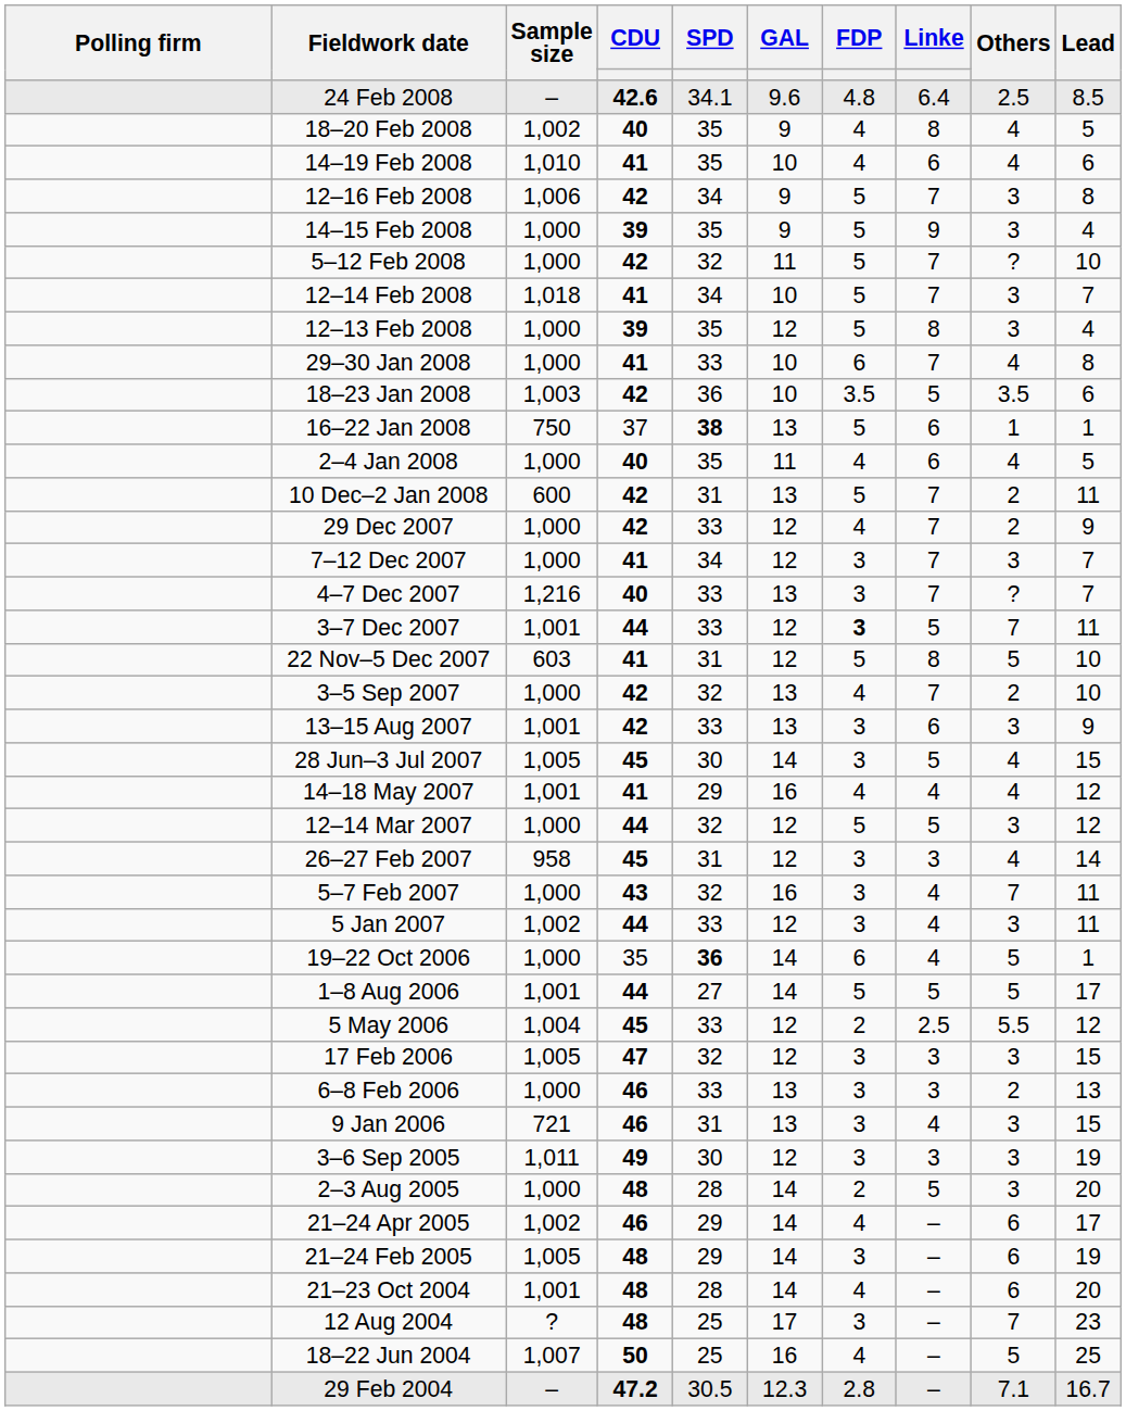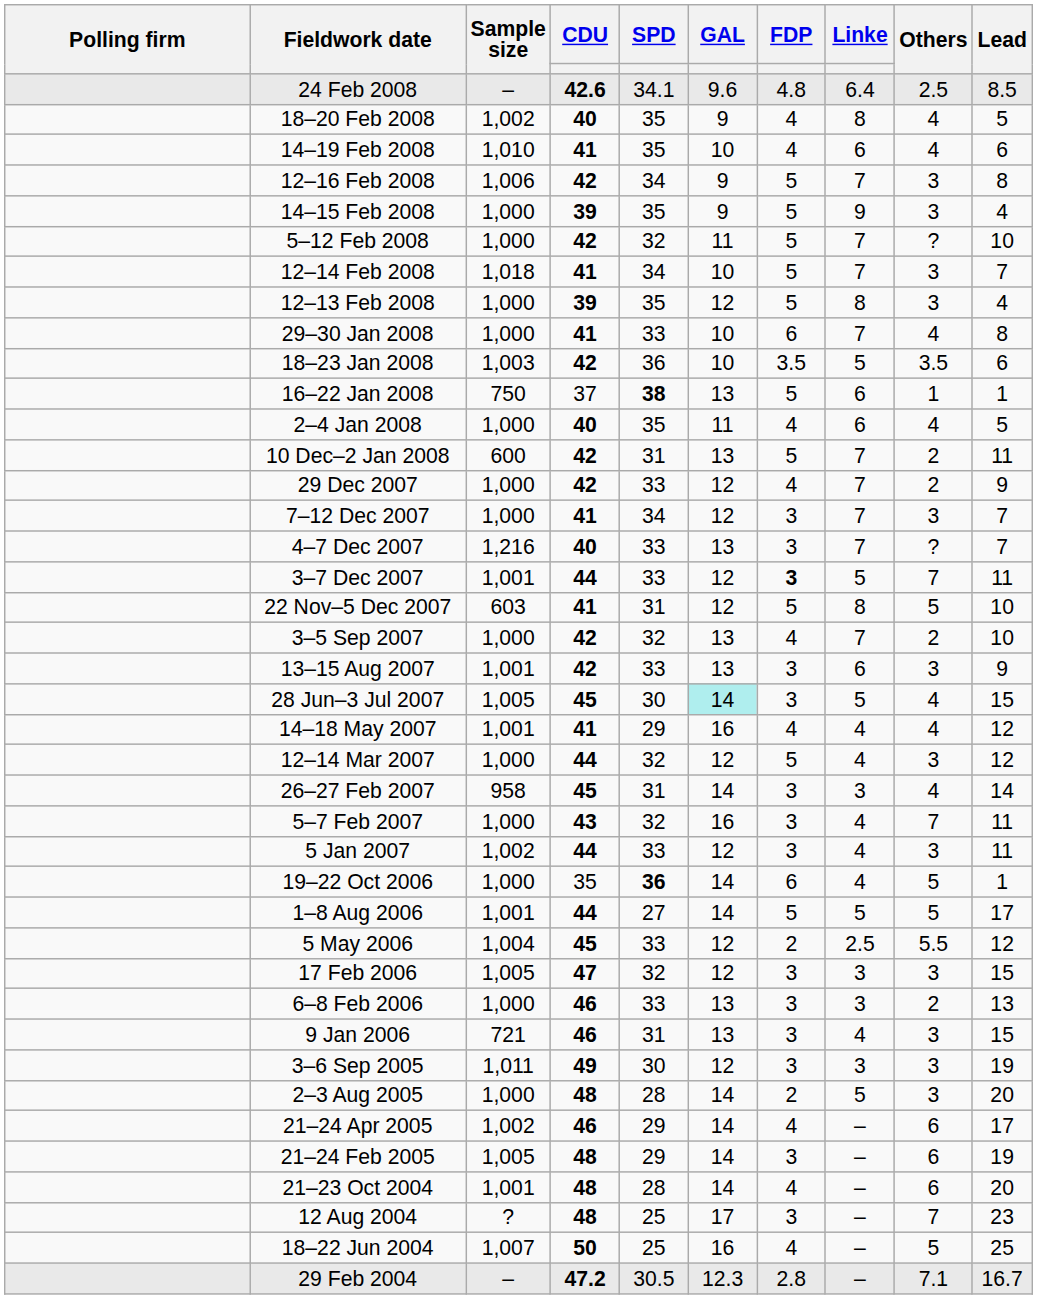 <table class="wikitable sortable" style="text-align:center;font-size:90%;line-height:14px;">
 <tr style="height:40px;">
 <th style="width:160px;" rowspan="2">Polling firm</th>
 <th style="width:140px;" rowspan="2">Fieldwork date</th>
 <th style="width:35px;" rowspan="2">Sample<br>size</th>
 <th class="unsortable" style="width:40px;"><a href='#'>CDU</a></th>
 <th class="unsortable" style="width:40px;"><a href='#'>SPD</a></th>
 <th class="unsortable" style="width:40px;"><a href='#'>GAL</a></th>
 <th class="unsortable" style="width:40px;"><a href='#'>FDP</a></th>
 <th class="unsortable" style="width:40px;"><a href='#'>Linke</a></th>
 <th class="unsortable" style="width:40px;" rowspan="2">Others</th>
 <th style="width:30px;" rowspan="2">Lead</th>
 </tr>
 <tr>
 <th style="background:"></th>
 <th style="background:"></th>
 <th style="background:"></th>
 <th style="background:"></th>
 <th style="background:"></th>
 </tr>
 <tr style="background:#E9E9E9;">
 <td></td>
 <td data-sort-value="2008-02-24">24 Feb 2008</td>
 <td>–</td>
 <td><strong>42.6</strong></td>
 <td>34.1</td>
 <td>9.6</td>
 <td>4.8</td>
 <td>6.4</td>
 <td>2.5</td>
 <td style="background:">8.5</td>
 </tr>
 <tr>
 <td></td>
 <td data-sort-value="2008-02-21">18–20 Feb 2008</td>
 <td>1,002</td>
 <td><strong>40</strong></td>
 <td>35</td>
 <td>9</td>
 <td>4</td>
 <td>8</td>
 <td>4</td>
 <td style="background:">5</td>
 </tr>
 <tr>
 <td></td>
 <td data-sort-value="2008-02-20">14–19 Feb 2008</td>
 <td>1,010</td>
 <td><strong>41</strong></td>
 <td>35</td>
 <td>10</td>
 <td>4</td>
 <td>6</td>
 <td>4</td>
 <td style="background:">6</td>
 </tr>
 <tr>
 <td></td>
 <td data-sort-value="2008-02-18">12–16 Feb 2008</td>
 <td>1,006</td>
 <td><strong>42</strong></td>
 <td>34</td>
 <td>9</td>
 <td>5</td>
 <td>7</td>
 <td>3</td>
 <td style="background:">8</td>
 </tr>
 <tr>
 <td></td>
 <td data-sort-value="2008-02-17">14–15 Feb 2008</td>
 <td>1,000</td>
 <td><strong>39</strong></td>
 <td>35</td>
 <td>9</td>
 <td>5</td>
 <td>9</td>
 <td>3</td>
 <td style="background:">4</td>
 </tr>
 <tr>
 <td></td>
 <td data-sort-value="2008-02-16">5–12 Feb 2008</td>
 <td>1,000</td>
 <td><strong>42</strong></td>
 <td>32</td>
 <td>11</td>
 <td>5</td>
 <td>7</td>
 <td>?</td>
 <td style="background:">10</td>
 </tr>
 <tr>
 <td></td>
 <td data-sort-value="2008-02-15">12–14 Feb 2008</td>
 <td>1,018</td>
 <td><strong>41</strong></td>
 <td>34</td>
 <td>10</td>
 <td>5</td>
 <td>7</td>
 <td>3</td>
 <td style="background:">7</td>
 </tr>
 <tr>
 <td></td>
 <td data-sort-value="2008-02-14">12–13 Feb 2008</td>
 <td>1,000</td>
 <td><strong>39</strong></td>
 <td>35</td>
 <td>12</td>
 <td>5</td>
 <td>8</td>
 <td>3</td>
 <td style="background:">4</td>
 </tr>
 <tr>
 <td></td>
 <td data-sort-value="2008-02-01">29–30 Jan 2008</td>
 <td>1,000</td>
 <td><strong>41</strong></td>
 <td>33</td>
 <td>10</td>
 <td>6</td>
 <td>7</td>
 <td>4</td>
 <td style="background:">8</td>
 </tr>
 <tr>
 <td></td>
 <td data-sort-value="2008-01-24">18–23 Jan 2008</td>
 <td>1,003</td>
 <td><strong>42</strong></td>
 <td>36</td>
 <td>10</td>
 <td>3.5</td>
 <td>5</td>
 <td>3.5</td>
 <td style="background:">6</td>
 </tr>
 <tr>
 <td></td>
 <td data-sort-value="2008-01-23">16–22 Jan 2008</td>
 <td>750</td>
 <td>37</td>
 <td><strong>38</strong></td>
 <td>13</td>
 <td>5</td>
 <td>6</td>
 <td>1</td>
 <td style="background:">1</td>
 </tr>
 <tr>
 <td></td>
 <td data-sort-value="2008-01-07">2–4 Jan 2008</td>
 <td>1,000</td>
 <td><strong>40</strong></td>
 <td>35</td>
 <td>11</td>
 <td>4</td>
 <td>6</td>
 <td>4</td>
 <td style="background:">5</td>
 </tr>
 <tr>
 <td></td>
 <td data-sort-value="2008-01-05">10 Dec–2 Jan 2008</td>
 <td>600</td>
 <td><strong>42</strong></td>
 <td>31</td>
 <td>13</td>
 <td>5</td>
 <td>7</td>
 <td>2</td>
 <td style="background:">11</td>
 </tr>
 <tr>
 <td></td>
 <td data-sort-value="2007-12-29">29 Dec 2007</td>
 <td>1,000</td>
 <td><strong>42</strong></td>
 <td>33</td>
 <td>12</td>
 <td>4</td>
 <td>7</td>
 <td>2</td>
 <td style="background:">9</td>
 </tr>
 <tr>
 <td></td>
 <td data-sort-value="2007-12-14">7–12 Dec 2007</td>
 <td>1,000</td>
 <td><strong>41</strong></td>
 <td>34</td>
 <td>12</td>
 <td>3</td>
 <td>7</td>
 <td>3</td>
 <td style="background:">7</td>
 </tr>
 <tr>
 <td></td>
 <td data-sort-value="2007-12-11">4–7 Dec 2007</td>
 <td>1,216</td>
 <td><strong>40</strong></td>
 <td>33</td>
 <td>13</td>
 <td>3</td>
 <td>7</td>
 <td>?</td>
 <td style="background:">7</td>
 </tr>
 <tr>
 <td></td>
 <td data-sort-value="2007-12-08">3–7 Dec 2007</td>
 <td>1,001</td>
 <td><strong>44</strong></td>
 <td>33</td>
 <td>12</td>
 <td><strong>3</strong></td>
 <td>5</td>
 <td>7</td>
 <td style="background:">11</td>
 </tr>
 <tr>
 <td></td>
 <td data-sort-value="2007-12-08">22 Nov–5 Dec 2007</td>
 <td>603</td>
 <td><strong>41</strong></td>
 <td>31</td>
 <td>12</td>
 <td>5</td>
 <td>8</td>
 <td>5</td>
 <td style="background:">10</td>
 </tr>
 <tr>
 <td></td>
 <td data-sort-value="2007-09-06">3–5 Sep 2007</td>
 <td>1,000</td>
 <td><strong>42</strong></td>
 <td>32</td>
 <td>13</td>
 <td>4</td>
 <td>7</td>
 <td>2</td>
 <td style="background:">10</td>
 </tr>
 <tr>
 <td></td>
 <td data-sort-value="2007-08-28">13–15 Aug 2007</td>
 <td>1,001</td>
 <td><strong>42</strong></td>
 <td>33</td>
 <td>13</td>
 <td>3</td>
 <td>6</td>
 <td>3</td>
 <td style="background:">9</td>
 </tr>
 <tr>
 <td></td>
 <td data-sort-value="2007-07-06">28 Jun–3 Jul 2007</td>
 <td>1,005</td>
 <td><strong>45</strong></td>
 <td>30</td>
-<td>14</td>
+<td style="background: paleturquoise;">14</td>
 <td>3</td>
 <td>5</td>
 <td>4</td>
 <td style="background:">15</td>
 </tr>
 <tr>
 <td></td>
 <td data-sort-value="2007-05-23">14–18 May 2007</td>
 <td>1,001</td>
 <td><strong>41</strong></td>
 <td>29</td>
 <td>16</td>
 <td>4</td>
 <td>4</td>
 <td>4</td>
 <td style="background:">12</td>
 </tr>
 <tr>
 <td></td>
 <td data-sort-value="2007-03-19">12–14 Mar 2007</td>
 <td>1,000</td>
 <td><strong>44</strong></td>
 <td>32</td>
 <td>12</td>
 <td>5</td>
-<td>5</td>
+<td>4</td>
 <td>3</td>
 <td style="background:">12</td>
 </tr>
 <tr>
 <td></td>
 <td data-sort-value="2007-02-28">26–27 Feb 2007</td>
 <td>958</td>
 <td><strong>45</strong></td>
 <td>31</td>
-<td>12</td>
+<td>14</td>
 <td>3</td>
 <td>3</td>
 <td>4</td>
 <td style="background:">14</td>
 </tr>
 <tr>
 <td></td>
 <td data-sort-value="2007-02-12">5–7 Feb 2007</td>
 <td>1,000</td>
 <td><strong>43</strong></td>
 <td>32</td>
 <td>16</td>
 <td>3</td>
 <td>4</td>
 <td>7</td>
 <td style="background:">11</td>
 </tr>
 <tr>
 <td></td>
 <td data-sort-value="2007-01-05">5 Jan 2007</td>
 <td>1,002</td>
 <td><strong>44</strong></td>
 <td>33</td>
 <td>12</td>
 <td>3</td>
 <td>4</td>
 <td>3</td>
 <td style="background:">11</td>
 </tr>
 <tr>
 <td></td>
 <td data-sort-value="2006-10-26">19–22 Oct 2006</td>
 <td>1,000</td>
 <td>35</td>
 <td><strong>36</strong></td>
 <td>14</td>
 <td>6</td>
 <td>4</td>
 <td>5</td>
 <td style="background:">1</td>
 </tr>
 <tr>
 <td></td>
 <td data-sort-value="2006-08-10">1–8 Aug 2006</td>
 <td>1,001</td>
 <td><strong>44</strong></td>
 <td>27</td>
 <td>14</td>
 <td>5</td>
 <td>5</td>
 <td>5</td>
 <td style="background:">17</td>
 </tr>
 <tr>
 <td></td>
 <td data-sort-value="2006-05-05">5 May 2006</td>
 <td>1,004</td>
 <td><strong>45</strong></td>
 <td>33</td>
 <td>12</td>
 <td>2</td>
 <td>2.5</td>
 <td>5.5</td>
 <td style="background:">12</td>
 </tr>
 <tr>
 <td></td>
 <td data-sort-value="2006-02-17">17 Feb 2006</td>
 <td>1,005</td>
 <td><strong>47</strong></td>
 <td>32</td>
 <td>12</td>
 <td>3</td>
 <td>3</td>
 <td>3</td>
 <td style="background:">15</td>
 </tr>
 <tr>
 <td></td>
 <td data-sort-value="2006-02-13">6–8 Feb 2006</td>
 <td>1,000</td>
 <td><strong>46</strong></td>
 <td>33</td>
 <td>13</td>
 <td>3</td>
 <td>3</td>
 <td>2</td>
 <td style="background:">13</td>
 </tr>
 <tr>
 <td></td>
 <td data-sort-value="2006-01-09">9 Jan 2006</td>
 <td>721</td>
 <td><strong>46</strong></td>
 <td>31</td>
 <td>13</td>
 <td>3</td>
 <td>4</td>
 <td>3</td>
 <td style="background:">15</td>
 </tr>
 <tr>
 <td></td>
 <td data-sort-value="2005-09-10">3–6 Sep 2005</td>
 <td>1,011</td>
 <td><strong>49</strong></td>
 <td>30</td>
 <td>12</td>
 <td>3</td>
 <td>3</td>
 <td>3</td>
 <td style="background:">19</td>
 </tr>
 <tr>
 <td></td>
 <td data-sort-value="2005-08-06">2–3 Aug 2005</td>
 <td>1,000</td>
 <td><strong>48</strong></td>
 <td>28</td>
 <td>14</td>
 <td>2</td>
 <td>5</td>
 <td>3</td>
 <td style="background:">20</td>
 </tr>
 <tr>
 <td></td>
 <td data-sort-value="2005-04-27">21–24 Apr 2005</td>
 <td>1,002</td>
 <td><strong>46</strong></td>
 <td>29</td>
 <td>14</td>
 <td>4</td>
 <td>–</td>
 <td>6</td>
 <td style="background:">17</td>
 </tr>
 <tr>
 <td></td>
 <td data-sort-value="2005-02-25">21–24 Feb 2005</td>
 <td>1,005</td>
 <td><strong>48</strong></td>
 <td>29</td>
 <td>14</td>
 <td>3</td>
 <td>–</td>
 <td>6</td>
 <td style="background:">19</td>
 </tr>
 <tr>
 <td></td>
 <td data-sort-value="2004-10-26">21–23 Oct 2004</td>
 <td>1,001</td>
 <td><strong>48</strong></td>
 <td>28</td>
 <td>14</td>
 <td>4</td>
 <td>–</td>
 <td>6</td>
 <td style="background:">20</td>
 </tr>
 <tr>
 <td></td>
 <td data-sort-value="2004-08-12">12 Aug 2004</td>
 <td>?</td>
 <td><strong>48</strong></td>
 <td>25</td>
 <td>17</td>
 <td>3</td>
 <td>–</td>
 <td>7</td>
 <td style="background:">23</td>
 </tr>
 <tr>
 <td></td>
 <td data-sort-value="2004-06-25">18–22 Jun 2004</td>
 <td>1,007</td>
 <td><strong>50</strong></td>
 <td>25</td>
 <td>16</td>
 <td>4</td>
 <td>–</td>
 <td>5</td>
 <td style="background:">25</td>
 </tr>
 <tr style="background:#E9E9E9;">
 <td></td>
 <td data-sort-value="2004-02-29">29 Feb 2004</td>
 <td>–</td>
 <td><strong>47.2</strong></td>
 <td>30.5</td>
 <td>12.3</td>
 <td>2.8</td>
 <td>–</td>
 <td>7.1</td>
 <td style="background:">16.7</td>
 </tr>
 </table>
